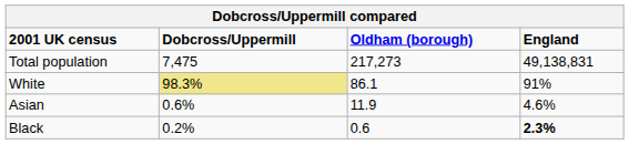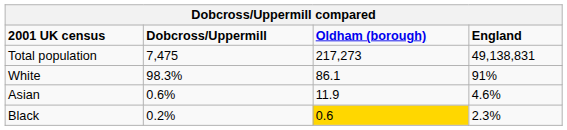 <table class="wikitable" style="float: right; margin-left: 2em; width: 40%; font-size: 90%;" cellspacing="3">
 <tr>
 <th colspan="4"><strong>Dobcross/Uppermill compared</strong></th>
 </tr>
 <tr>
 <td><strong>2001 UK census</strong></td>
 <td><strong>Dobcross/Uppermill</strong></td>
 <td><strong><a href='#'>Oldham (borough)</a></strong></td>
 <td><strong>England</strong></td>
 </tr>
 <tr>
 <td>Total population</td>
 <td>7,475</td>
 <td>217,273</td>
 <td>49,138,831</td>
 </tr>
 <tr>
 <td>White</td>
-<td style="background: khaki;">98.3%</td>
+<td>98.3%</td>
 <td>86.1</td>
 <td>91%</td>
 </tr>
 <tr>
 <td>Asian</td>
 <td>0.6%</td>
 <td>11.9</td>
 <td>4.6%</td>
 </tr>
 <tr>
 <td>Black</td>
 <td>0.2%</td>
-<td>0.6</td>
-<td><strong>2.3%</strong></td>
+<td style="background: gold;">0.6</td>
+<td>2.3%</td>
 </tr>
 </table>
